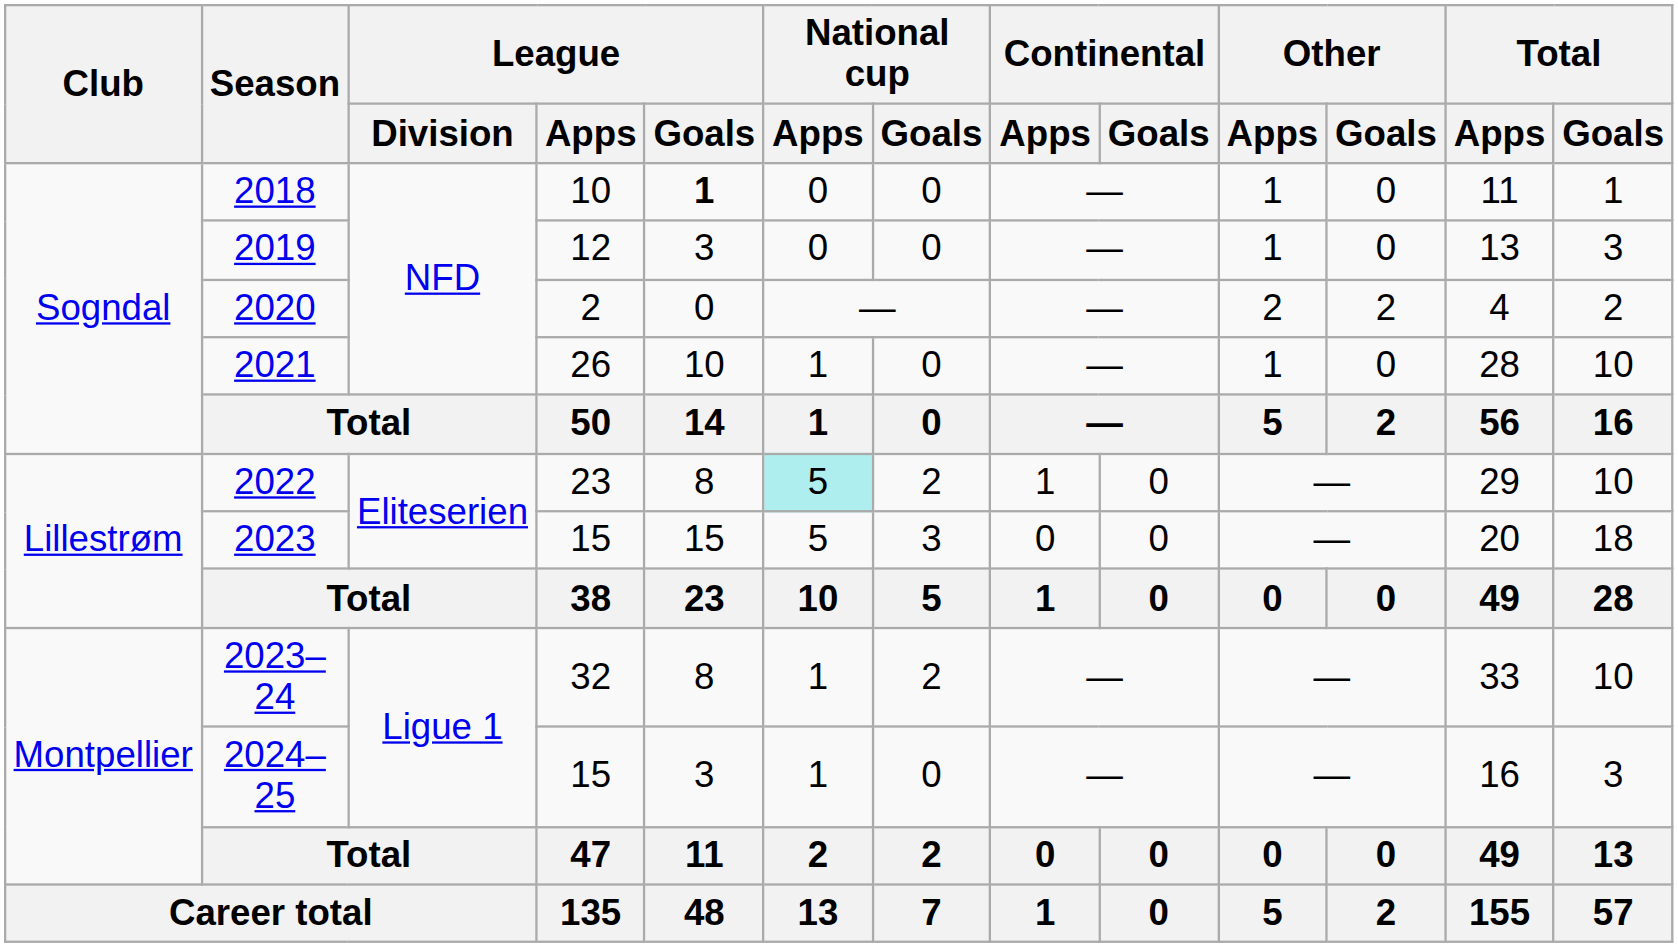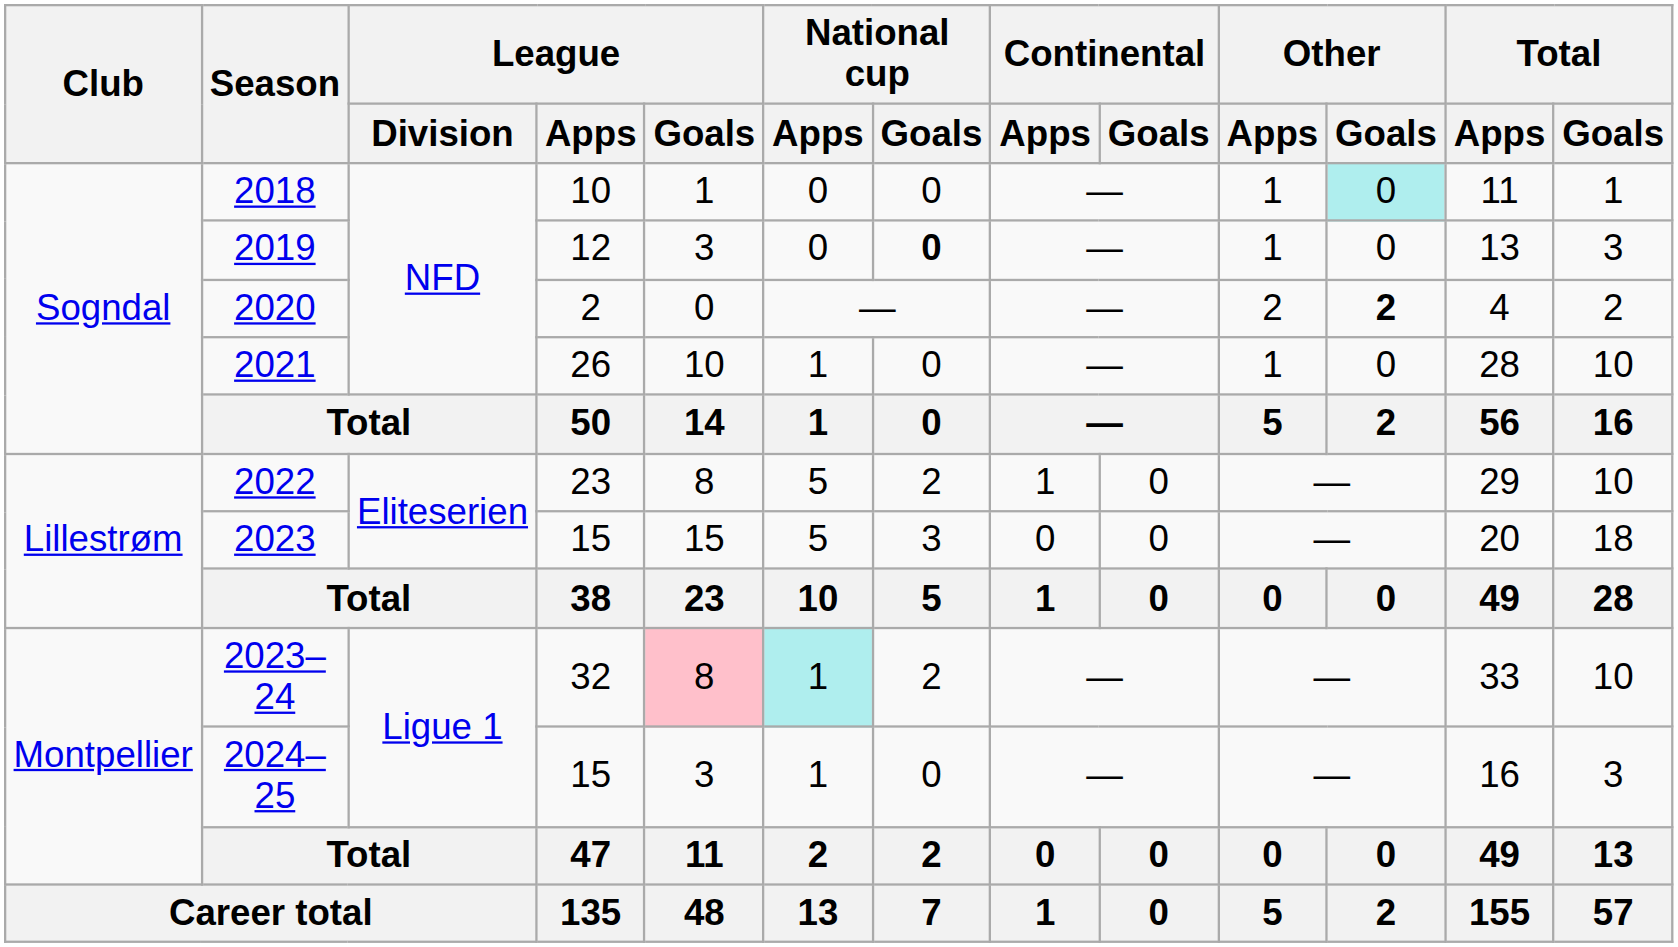 <table class="wikitable" style="text-align: center;">
 <tr>
 <th rowspan="2">Club</th>
 <th rowspan="2">Season</th>
 <th colspan="3">League</th>
 <th colspan="2">National cup</th>
 <th colspan="2">Continental</th>
 <th colspan="2">Other</th>
 <th colspan="2">Total</th>
 </tr>
 <tr>
 <th>Division</th>
 <th>Apps</th>
 <th>Goals</th>
 <th>Apps</th>
 <th>Goals</th>
 <th>Apps</th>
 <th>Goals</th>
 <th>Apps</th>
 <th>Goals</th>
 <th>Apps</th>
 <th>Goals</th>
 </tr>
 <tr>
 <td rowspan="5"><a href='#'>Sogndal</a></td>
 <td><a href='#'>2018</a></td>
 <td rowspan="4"><a href='#'>NFD</a></td>
 <td>10</td>
-<td><strong>1</strong></td>
+<td>1</td>
 <td>0</td>
 <td>0</td>
 <td colspan="2">—</td>
 <td>1</td>
-<td>0</td>
+<td style="background: paleturquoise;">0</td>
 <td>11</td>
 <td>1</td>
 </tr>
 <tr>
 <td><a href='#'>2019</a></td>
 <td>12</td>
 <td>3</td>
 <td>0</td>
-<td>0</td>
+<td><strong>0</strong></td>
 <td colspan="2">—</td>
 <td>1</td>
 <td>0</td>
 <td>13</td>
 <td>3</td>
 </tr>
 <tr>
 <td><a href='#'>2020</a></td>
 <td>2</td>
 <td>0</td>
 <td colspan="2">—</td>
 <td colspan="2">—</td>
 <td>2</td>
-<td>2</td>
+<td><strong>2</strong></td>
 <td>4</td>
 <td>2</td>
 </tr>
 <tr>
 <td><a href='#'>2021</a></td>
 <td>26</td>
 <td>10</td>
 <td>1</td>
 <td>0</td>
 <td colspan="2">—</td>
 <td>1</td>
 <td>0</td>
 <td>28</td>
 <td>10</td>
 </tr>
 <tr>
 <th colspan="2">Total</th>
 <th>50</th>
 <th>14</th>
 <th>1</th>
 <th>0</th>
 <th colspan="2">—</th>
 <th>5</th>
 <th>2</th>
 <th>56</th>
 <th>16</th>
 </tr>
 <tr>
 <td rowspan="3"><a href='#'>Lillestrøm</a></td>
 <td><a href='#'>2022</a></td>
 <td rowspan="2"><a href='#'>Eliteserien</a></td>
 <td>23</td>
 <td>8</td>
-<td style="background: paleturquoise;">5</td>
+<td>5</td>
 <td>2</td>
 <td>1</td>
 <td>0</td>
 <td colspan="2">—</td>
 <td>29</td>
 <td>10</td>
 </tr>
 <tr>
 <td><a href='#'>2023</a></td>
 <td>15</td>
 <td>15</td>
 <td>5</td>
 <td>3</td>
 <td>0</td>
 <td>0</td>
 <td colspan="2">—</td>
 <td>20</td>
 <td>18</td>
 </tr>
 <tr>
 <th colspan="2">Total</th>
 <th>38</th>
 <th>23</th>
 <th>10</th>
 <th>5</th>
 <th>1</th>
 <th>0</th>
 <th>0</th>
 <th>0</th>
 <th>49</th>
 <th>28</th>
 </tr>
 <tr>
 <td rowspan="3"><a href='#'>Montpellier</a></td>
 <td><a href='#'>2023–24</a></td>
 <td rowspan="2"><a href='#'>Ligue 1</a></td>
 <td>32</td>
-<td>8</td>
-<td>1</td>
+<td style="background: pink;">8</td>
+<td style="background: paleturquoise;">1</td>
 <td>2</td>
 <td colspan="2">—</td>
 <td colspan="2">—</td>
 <td>33</td>
 <td>10</td>
 </tr>
 <tr>
 <td><a href='#'>2024–25</a></td>
 <td>15</td>
 <td>3</td>
 <td>1</td>
 <td>0</td>
 <td colspan="2">—</td>
 <td colspan="2">—</td>
 <td>16</td>
 <td>3</td>
 </tr>
 <tr>
 <th colspan="2">Total</th>
 <th>47</th>
 <th>11</th>
 <th>2</th>
 <th>2</th>
 <th>0</th>
 <th>0</th>
 <th>0</th>
 <th>0</th>
 <th>49</th>
 <th>13</th>
 </tr>
 <tr>
 <th colspan="3">Career total</th>
 <th>135</th>
 <th>48</th>
 <th>13</th>
 <th>7</th>
 <th>1</th>
 <th>0</th>
 <th>5</th>
 <th>2</th>
 <th>155</th>
 <th>57</th>
 </tr>
 </table>
